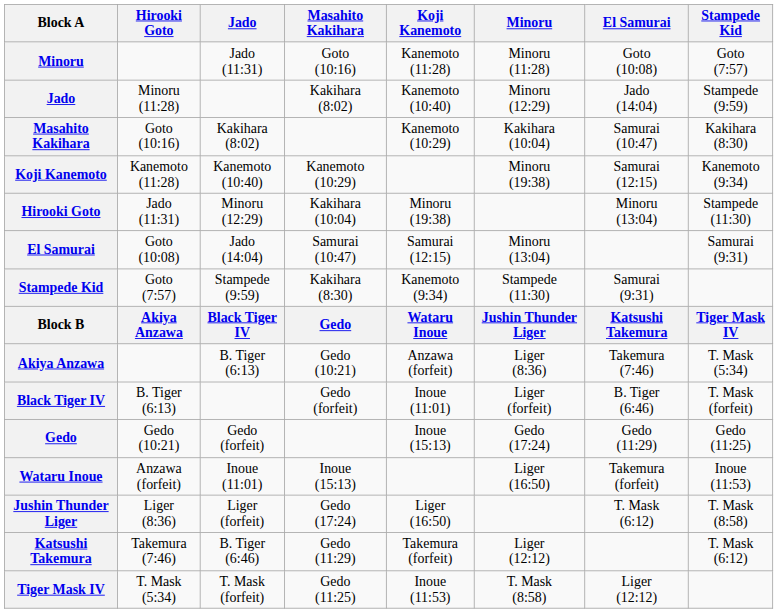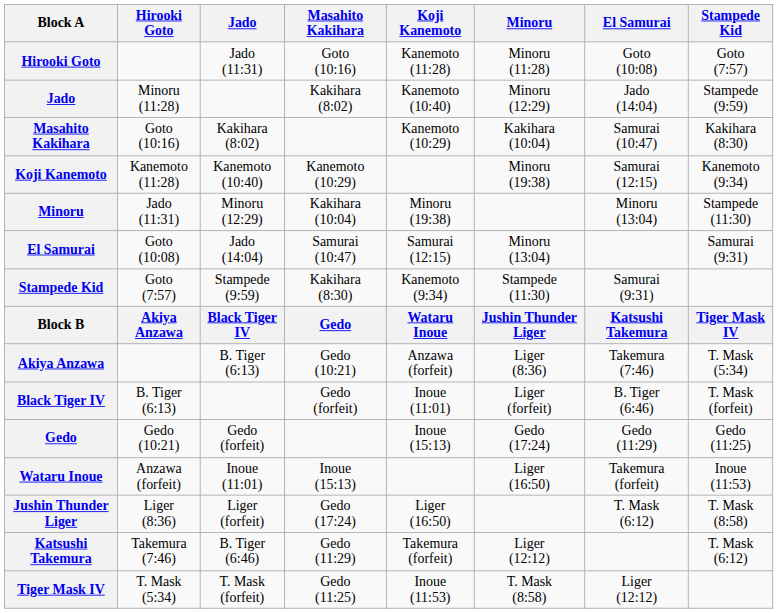 <table class="wikitable" style="margin: 1em auto 1em auto">
 <tr align="center">
 <th>Block A</th>
 <th><a href='#'>Hirooki Goto</a></th>
 <th><a href='#'>Jado</a></th>
 <th><a href='#'>Masahito Kakihara</a></th>
 <th><a href='#'>Koji Kanemoto</a></th>
 <th><a href='#'>Minoru</a></th>
 <th><a href='#'>El Samurai</a></th>
 <th><a href='#'>Stampede Kid</a></th>
 </tr>
 <tr align="center">
-<th><a href='#'>Minoru</a></th>
+<th><a href='#'>Hirooki Goto</a></th>
 <td></td>
 <td>Jado<br>(11:31)</td>
 <td>Goto<br>(10:16)</td>
 <td>Kanemoto<br>(11:28)</td>
 <td>Minoru<br>(11:28)</td>
 <td>Goto<br>(10:08)</td>
 <td>Goto<br>(7:57)</td>
 </tr>
 <tr align="center">
 <th><a href='#'>Jado</a></th>
 <td>Minoru<br>(11:28)</td>
 <td></td>
 <td>Kakihara<br>(8:02)</td>
 <td>Kanemoto<br>(10:40)</td>
 <td>Minoru<br>(12:29)</td>
 <td>Jado<br>(14:04)</td>
 <td>Stampede<br>(9:59)</td>
 </tr>
 <tr align="center">
 <th><a href='#'>Masahito Kakihara</a></th>
 <td>Goto<br>(10:16)</td>
 <td>Kakihara<br>(8:02)</td>
 <td></td>
 <td>Kanemoto<br>(10:29)</td>
 <td>Kakihara<br>(10:04)</td>
 <td>Samurai<br>(10:47)</td>
 <td>Kakihara<br>(8:30)</td>
 </tr>
 <tr align="center">
 <th><a href='#'>Koji Kanemoto</a></th>
 <td>Kanemoto<br>(11:28)</td>
 <td>Kanemoto<br>(10:40)</td>
 <td>Kanemoto<br>(10:29)</td>
 <td></td>
 <td>Minoru<br>(19:38)</td>
 <td>Samurai<br>(12:15)</td>
 <td>Kanemoto<br>(9:34)</td>
 </tr>
 <tr align="center">
-<th><a href='#'>Hirooki Goto</a></th>
+<th><a href='#'>Minoru</a></th>
 <td>Jado<br>(11:31)</td>
 <td>Minoru<br>(12:29)</td>
 <td>Kakihara<br>(10:04)</td>
 <td>Minoru<br>(19:38)</td>
 <td></td>
 <td>Minoru<br>(13:04)</td>
 <td>Stampede<br>(11:30)</td>
 </tr>
 <tr align="center">
 <th><a href='#'>El Samurai</a></th>
 <td>Goto<br>(10:08)</td>
 <td>Jado<br>(14:04)</td>
 <td>Samurai<br>(10:47)</td>
 <td>Samurai<br>(12:15)</td>
 <td>Minoru<br>(13:04)</td>
 <td></td>
 <td>Samurai<br>(9:31)</td>
 </tr>
 <tr align="center">
 <th><a href='#'>Stampede Kid</a></th>
 <td>Goto<br>(7:57)</td>
 <td>Stampede<br>(9:59)</td>
 <td>Kakihara<br>(8:30)</td>
 <td>Kanemoto<br>(9:34)</td>
 <td>Stampede<br>(11:30)</td>
 <td>Samurai<br>(9:31)</td>
 <td></td>
 </tr>
 <tr align="center">
 <th>Block B</th>
 <th><a href='#'>Akiya Anzawa</a></th>
 <th><a href='#'>Black Tiger IV</a></th>
 <th><a href='#'>Gedo</a></th>
 <th><a href='#'>Wataru Inoue</a></th>
 <th><a href='#'>Jushin Thunder Liger</a></th>
 <th><a href='#'>Katsushi Takemura</a></th>
 <th><a href='#'>Tiger Mask IV</a></th>
 </tr>
 <tr align="center">
 <th><a href='#'>Akiya Anzawa</a></th>
 <td></td>
 <td>B. Tiger<br>(6:13)</td>
 <td>Gedo<br>(10:21)</td>
 <td>Anzawa<br>(forfeit)</td>
 <td>Liger<br>(8:36)</td>
 <td>Takemura<br>(7:46)</td>
 <td>T. Mask<br>(5:34)</td>
 </tr>
 <tr align="center">
 <th><a href='#'>Black Tiger IV</a></th>
 <td>B. Tiger<br>(6:13)</td>
 <td></td>
 <td>Gedo<br>(forfeit)</td>
 <td>Inoue<br>(11:01)</td>
 <td>Liger<br>(forfeit)</td>
 <td>B. Tiger<br>(6:46)</td>
 <td>T. Mask<br>(forfeit)</td>
 </tr>
 <tr align="center">
 <th><a href='#'>Gedo</a></th>
 <td>Gedo<br>(10:21)</td>
 <td>Gedo<br>(forfeit)</td>
 <td></td>
 <td>Inoue<br>(15:13)</td>
 <td>Gedo<br>(17:24)</td>
 <td>Gedo<br>(11:29)</td>
 <td>Gedo<br>(11:25)</td>
 </tr>
 <tr align="center">
 <th><a href='#'>Wataru Inoue</a></th>
 <td>Anzawa<br>(forfeit)</td>
 <td>Inoue<br>(11:01)</td>
 <td>Inoue<br>(15:13)</td>
 <td></td>
 <td>Liger<br>(16:50)</td>
 <td>Takemura<br>(forfeit)</td>
 <td>Inoue<br>(11:53)</td>
 </tr>
 <tr align="center">
 <th><a href='#'>Jushin Thunder Liger</a></th>
 <td>Liger<br>(8:36)</td>
 <td>Liger<br>(forfeit)</td>
 <td>Gedo<br>(17:24)</td>
 <td>Liger<br>(16:50)</td>
 <td></td>
 <td>T. Mask<br>(6:12)</td>
 <td>T. Mask<br>(8:58)</td>
 </tr>
 <tr align="center">
 <th><a href='#'>Katsushi Takemura</a></th>
 <td>Takemura<br>(7:46)</td>
 <td>B. Tiger<br>(6:46)</td>
 <td>Gedo<br>(11:29)</td>
 <td>Takemura<br>(forfeit)</td>
 <td>Liger<br>(12:12)</td>
 <td></td>
 <td>T. Mask<br>(6:12)</td>
 </tr>
 <tr align="center">
 <th><a href='#'>Tiger Mask IV</a></th>
 <td>T. Mask<br>(5:34)</td>
 <td>T. Mask<br>(forfeit)</td>
 <td>Gedo<br>(11:25)</td>
 <td>Inoue<br>(11:53)</td>
 <td>T. Mask<br>(8:58)</td>
 <td>Liger<br>(12:12)</td>
 <td></td>
 </tr>
 </table>
